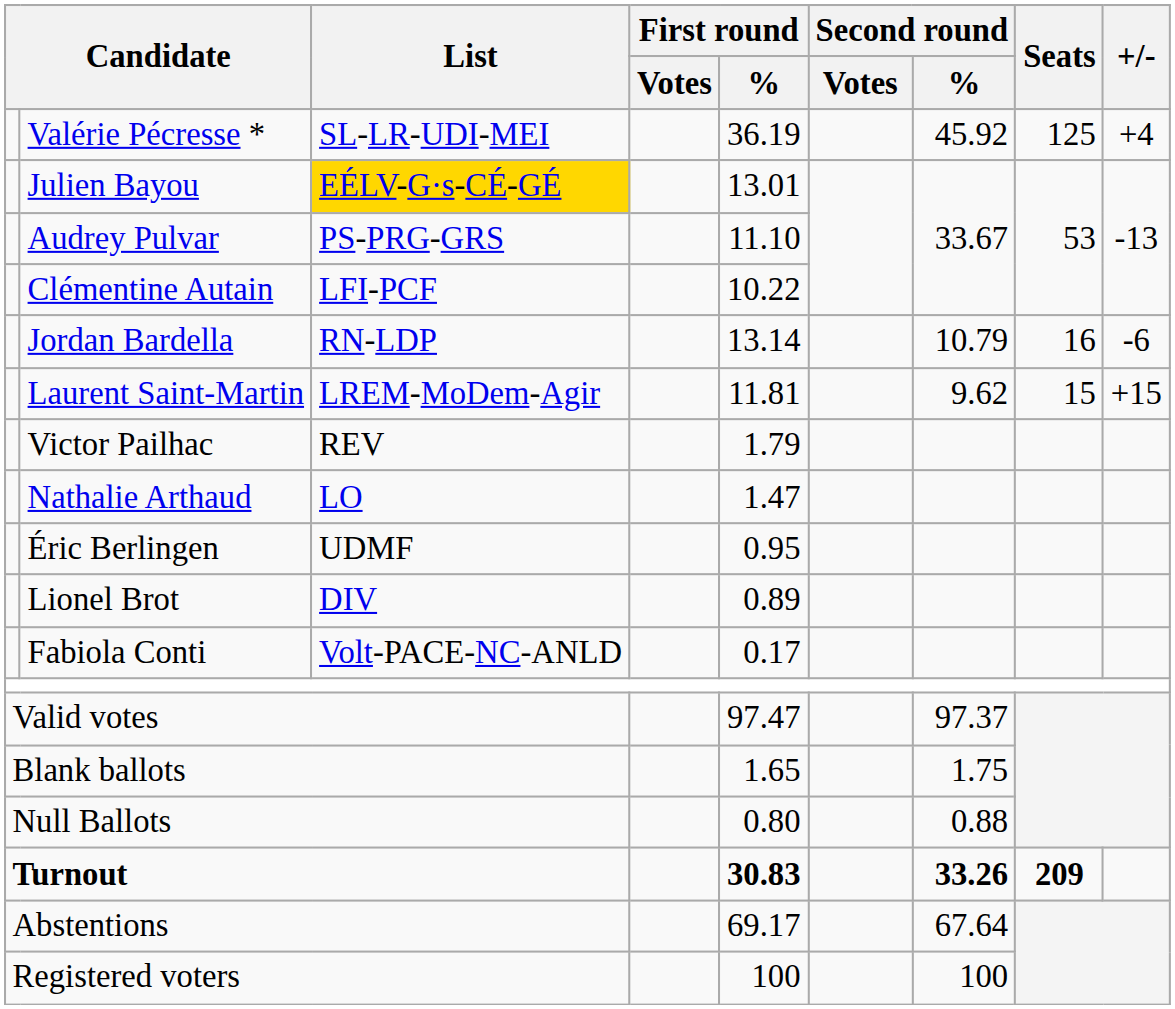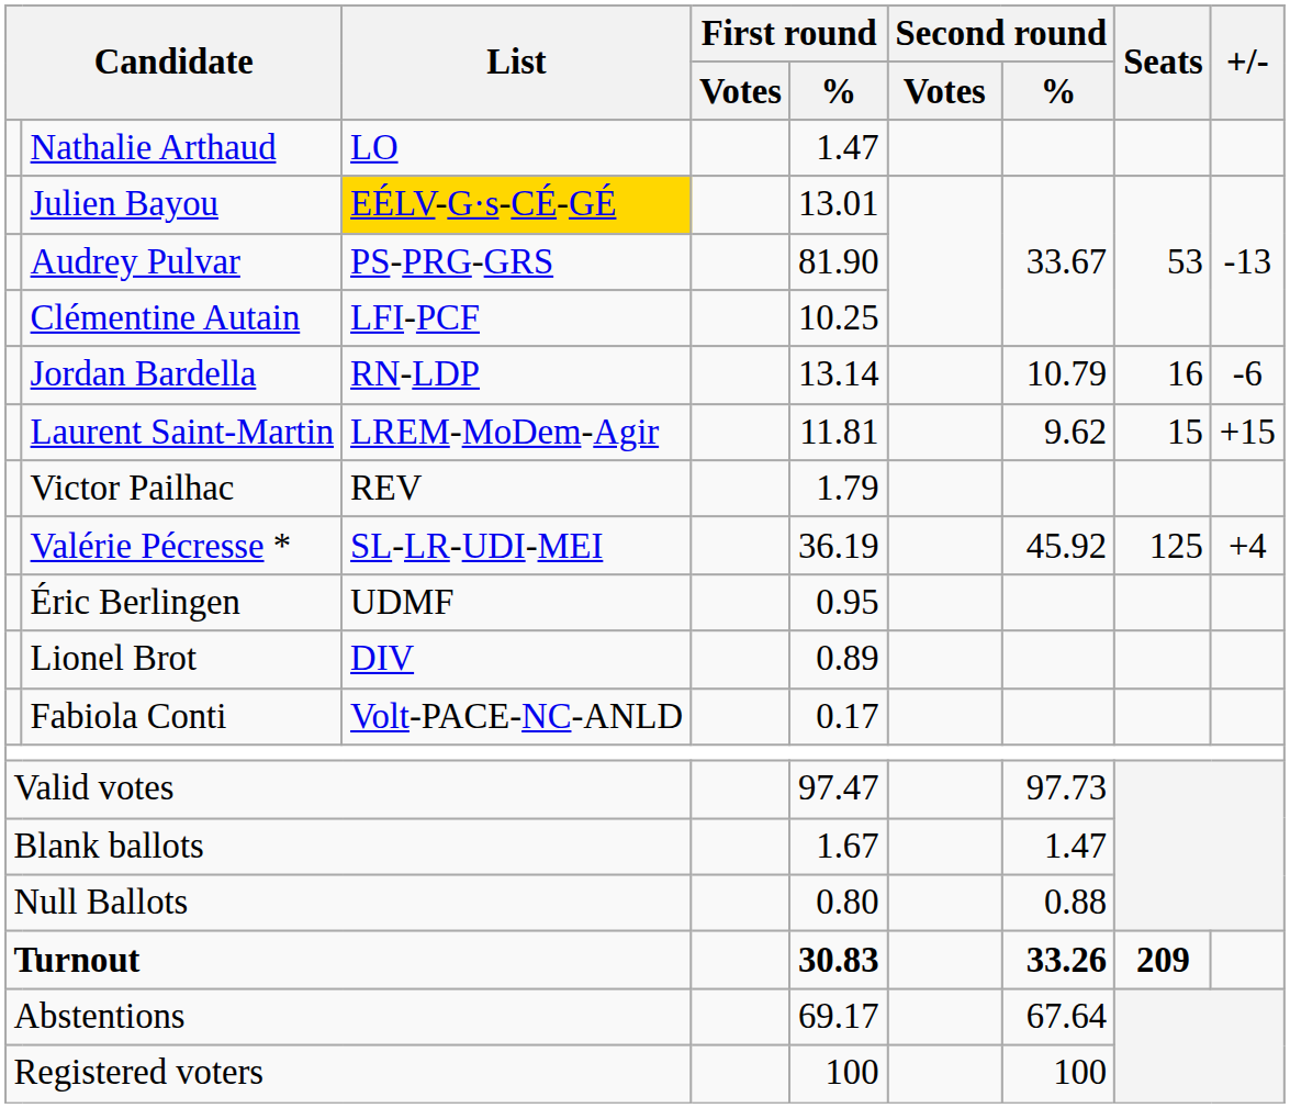 <table class="wikitable centre" style="text-align:right;">
 <tr>
 <th rowspan=2 colspan=2 scope=col>Candidate</th>
 <th rowspan=2 scope=col>List</th>
 <th colspan=2 scope=col>First round</th>
 <th colspan=2 scope=col>Second round</th>
 <th rowspan=2 scope=col>Seats</th>
 <th rowspan=2 scope=col>+/-</th>
 </tr>
 <tr>
 <th scope=col>Votes</th>
 <th scope=col>%</th>
 <th scope=col>Votes</th>
 <th scope=col>%</th>
 </tr>
 <tr>
 <td style="color:inherit;background:"></td>
-<td align="left"><a href='#'>Valérie Pécresse</a> *</td>
-<td align="left"><a href='#'>SL</a>-<a href='#'>LR</a>-<a href='#'>UDI</a>-<a href='#'>MEI</a></td>
+<td align="left"><a href='#'>Nathalie Arthaud</a></td>
+<td align="left"><a href='#'>LO</a></td>
 <td></td>
-<td>36.19</td>
+<td>1.47</td>
 <td></td>
-<td>45.92</td>
-<td>125</td>
-<td align="center">+4</td>
+<td></td>
+<td></td>
+<td align="center"></td>
 </tr>
 <tr>
 <td style="color:inherit;background:"></td>
 <td align="left"><a href='#'>Julien Bayou</a></td>
 <td align="left" style="background: gold;"><a href='#'>EÉLV</a>-<a href='#'>G·s</a>-<a href='#'>CÉ</a>-<a href='#'>GÉ</a></td>
 <td></td>
 <td>13.01</td>
 <td rowspan="3"></td>
 <td rowspan="3">33.67</td>
 <td rowspan="3">53</td>
 <td rowspan="3" align="center">-13</td>
 </tr>
 <tr>
 <td style="color:inherit;background:"></td>
 <td align="left"><a href='#'>Audrey Pulvar</a></td>
 <td align="left"><a href='#'>PS</a>-<a href='#'>PRG</a>-<a href='#'>GRS</a></td>
 <td></td>
-<td>11.10</td>
+<td>81.90</td>
 </tr>
 <tr>
 <td style="color:inherit;background:"></td>
 <td align="left"><a href='#'>Clémentine Autain</a></td>
 <td align="left"><a href='#'>LFI</a>-<a href='#'>PCF</a></td>
 <td></td>
-<td>10.22</td>
+<td>10.25</td>
 </tr>
 <tr>
 <td style="color:inherit;background:"></td>
 <td align="left"><a href='#'>Jordan Bardella</a></td>
 <td align="left"><a href='#'>RN</a>-<a href='#'>LDP</a></td>
 <td></td>
 <td>13.14</td>
 <td></td>
 <td>10.79</td>
 <td>16</td>
 <td align="center">-6</td>
 </tr>
 <tr>
 <td style="color:inherit;background:"></td>
 <td align="left"><a href='#'>Laurent Saint-Martin</a></td>
 <td align="left"><a href='#'>LREM</a>-<a href='#'>MoDem</a>-<a href='#'>Agir</a></td>
 <td></td>
 <td>11.81</td>
 <td></td>
 <td>9.62</td>
 <td>15</td>
 <td align="center">+15</td>
 </tr>
 <tr>
 <td style="color:inherit;background:"></td>
 <td align="left">Victor Pailhac</td>
 <td align="left">REV</td>
 <td></td>
 <td>1.79</td>
 <td></td>
 <td></td>
 <td></td>
 <td align="center"></td>
 </tr>
 <tr>
 <td style="color:inherit;background:"></td>
-<td align="left"><a href='#'>Nathalie Arthaud</a></td>
-<td align="left"><a href='#'>LO</a></td>
+<td align="left"><a href='#'>Valérie Pécresse</a> *</td>
+<td align="left"><a href='#'>SL</a>-<a href='#'>LR</a>-<a href='#'>UDI</a>-<a href='#'>MEI</a></td>
 <td></td>
-<td>1.47</td>
+<td>36.19</td>
 <td></td>
-<td></td>
-<td></td>
-<td align="center"></td>
+<td>45.92</td>
+<td>125</td>
+<td align="center">+4</td>
 </tr>
 <tr>
 <td style="color:inherit;background:"></td>
 <td align="left">Éric Berlingen</td>
 <td align="left">UDMF</td>
 <td></td>
 <td>0.95</td>
 <td></td>
 <td></td>
 <td></td>
 <td align="center"></td>
 </tr>
 <tr>
 <td style="color:inherit;background:"></td>
 <td align="left">Lionel Brot</td>
 <td align="left"><a href='#'>DIV</a></td>
 <td></td>
 <td>0.89</td>
 <td></td>
 <td></td>
 <td></td>
 <td align="center"></td>
 </tr>
 <tr>
 <td style="color:inherit;background:"></td>
 <td align="left">Fabiola Conti</td>
 <td align="left"><a href='#'>Volt</a>-PACE-<a href='#'>NC</a>-ANLD</td>
 <td></td>
 <td>0.17</td>
 <td></td>
 <td></td>
 <td></td>
 <td align="center"></td>
 </tr>
 <tr style="background:white;">
 <td colspan=9></td>
 </tr>
 <tr>
 <td colspan=3 style="text-align:left;">Valid votes</td>
 <td></td>
 <td>97.47</td>
 <td></td>
-<td>97.37</td>
+<td>97.73</td>
 <td colspan="2" rowspan="3" bgcolor=#F4F4F4></td>
 </tr>
 <tr>
 <td colspan=3 style="text-align:left;">Blank ballots</td>
 <td></td>
-<td>1.65</td>
+<td>1.67</td>
 <td></td>
-<td>1.75</td>
+<td>1.47</td>
 </tr>
 <tr>
 <td colspan=3 style="text-align:left;">Null Ballots</td>
 <td></td>
 <td>0.80</td>
 <td></td>
 <td>0.88</td>
 </tr>
 <tr style="font-weight:bold;">
 <td colspan=3 style="text-align:left;">Turnout</td>
 <td></td>
 <td>30.83</td>
 <td></td>
 <td>33.26</td>
 <td align=center>209</td>
 <td align=center></td>
 </tr>
 <tr>
 <td colspan=3 style="text-align:left;">Abstentions</td>
 <td></td>
 <td>69.17</td>
 <td></td>
 <td>67.64</td>
 <td colspan="2" rowspan="2" bgcolor=#F4F4F4></td>
 </tr>
 <tr>
 <td colspan=3 style="text-align:left;">Registered voters</td>
 <td></td>
 <td>100</td>
 <td></td>
 <td>100</td>
 </tr>
 </table>
